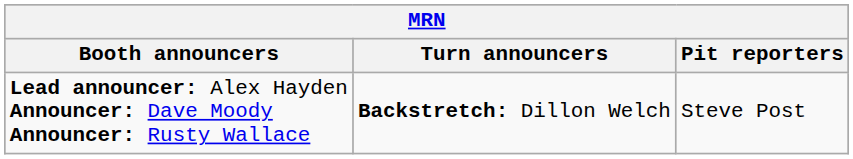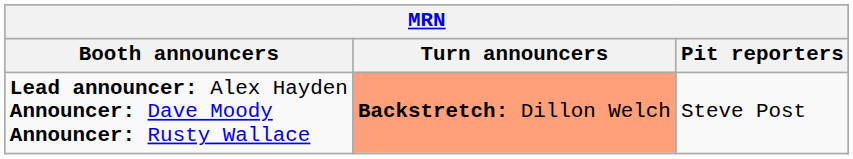 <table class="wikitable" style="font-size: 95%">
 <tr>
 <th colspan="3"><a href='#'>MRN</a></th>
 </tr>
 <tr>
 <th>Booth announcers</th>
 <th>Turn announcers</th>
 <th>Pit reporters</th>
 </tr>
 <tr>
 <td><strong>Lead announcer:</strong> Alex Hayden<br><strong>Announcer:</strong> <a href='#'>Dave Moody</a><br><strong>Announcer:</strong> <a href='#'>Rusty Wallace</a></td>
-<td><strong>Backstretch:</strong> Dillon Welch</td>
+<td style="background: lightsalmon;"><strong>Backstretch:</strong> Dillon Welch</td>
 <td>Steve Post</td>
 </tr>
 </table>
